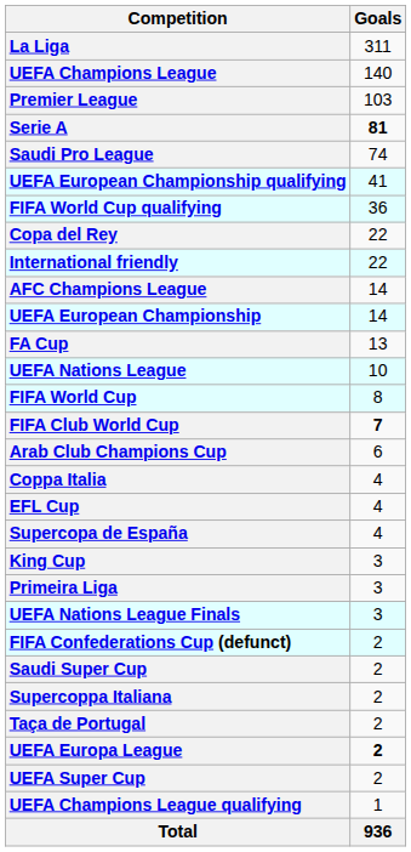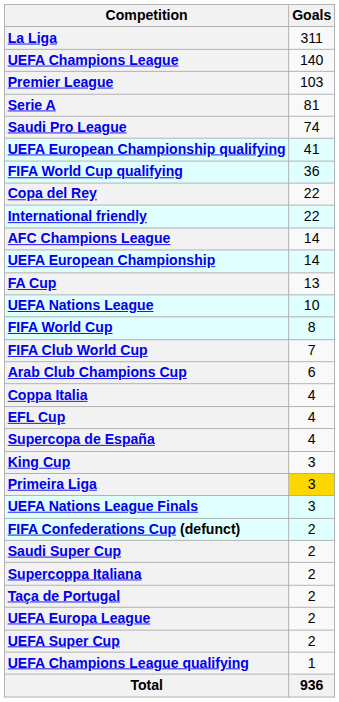 <table class="wikitable plainrowheaders sortable" style="text-align:center">
 <tr>
 <th>Competition</th>
 <th>Goals</th>
 </tr>
 <tr>
 <th scope="row" style="text-align:left"><a href='#'>La Liga</a></th>
 <td>311</td>
 </tr>
 <tr>
 <th scope="row" style="text-align:left"><a href='#'>UEFA Champions League</a></th>
 <td>140</td>
 </tr>
 <tr>
 <th scope="row" style="text-align:left"><a href='#'>Premier League</a></th>
 <td>103</td>
 </tr>
 <tr>
 <th scope="row" style="text-align:left"><a href='#'>Serie A</a></th>
-<td><strong>81</strong></td>
+<td>81</td>
 </tr>
 <tr>
 <th scope="row" style="text-align:left"><a href='#'>Saudi Pro League</a></th>
 <td>74</td>
 </tr>
 <tr>
 <th scope="row" style="background:#E0FFFF; text-align:left"><a href='#'>UEFA European Championship qualifying</a></th>
 <td style="background:#E0FFFF">41</td>
 </tr>
 <tr>
 <th scope="row" style="background:#E0FFFF; text-align:left"><a href='#'>FIFA World Cup qualifying</a></th>
 <td style="background:#E0FFFF">36</td>
 </tr>
 <tr>
 <th scope="row" style="text-align:left"><a href='#'>Copa del Rey</a></th>
 <td>22</td>
 </tr>
 <tr>
 <th scope="row" style="background:#E0FFFF; text-align:left"><a href='#'>International friendly</a></th>
 <td style="background:#E0FFFF">22</td>
 </tr>
 <tr>
 <th scope="row" style="text-align:left"><a href='#'>AFC Champions League</a></th>
 <td>14</td>
 </tr>
 <tr>
 <th scope="row" style="background:#E0FFFF; text-align:left"><a href='#'>UEFA European Championship</a></th>
 <td style="background:#E0FFFF">14</td>
 </tr>
 <tr>
 <th scope="row" style="text-align:left"><a href='#'>FA Cup</a></th>
 <td>13</td>
 </tr>
 <tr>
 <th scope="row" style="background:#E0FFFF; text-align:left"><a href='#'>UEFA Nations League</a></th>
 <td style="background:#E0FFFF">10</td>
 </tr>
 <tr>
 <th scope="row" style="background:#E0FFFF; text-align:left"><a href='#'>FIFA World Cup</a></th>
 <td style="background:#E0FFFF">8</td>
 </tr>
 <tr>
 <th scope="row" style="text-align:left"><a href='#'>FIFA Club World Cup</a></th>
-<td><strong>7</strong></td>
+<td>7</td>
 </tr>
 <tr>
 <th scope="row" style="text-align:left"><a href='#'>Arab Club Champions Cup</a></th>
 <td>6</td>
 </tr>
 <tr>
 <th scope="row" style="text-align:left"><a href='#'>Coppa Italia</a></th>
 <td>4</td>
 </tr>
 <tr>
 <th scope="row" style="text-align:left"><a href='#'>EFL Cup</a></th>
 <td>4</td>
 </tr>
 <tr>
 <th scope="row" style="text-align:left"><a href='#'>Supercopa de España</a></th>
 <td>4</td>
 </tr>
 <tr>
 <th scope="row" style="text-align:left"><a href='#'>King Cup</a></th>
 <td>3</td>
 </tr>
 <tr>
 <th scope="row" style="text-align:left"><a href='#'>Primeira Liga</a></th>
-<td>3</td>
+<td style="background: gold;">3</td>
 </tr>
 <tr>
 <th scope="row" style="background:#E0FFFF; text-align:left"><a href='#'>UEFA Nations League Finals</a></th>
 <td style="background:#E0FFFF">3</td>
 </tr>
 <tr>
 <th scope="row" style="background:#E0FFFF; text-align:left"><a href='#'>FIFA Confederations Cup</a> (defunct)</th>
 <td style="background:#E0FFFF">2</td>
 </tr>
 <tr>
 <th scope="row" style="text-align:left"><a href='#'>Saudi Super Cup</a></th>
 <td>2</td>
 </tr>
 <tr>
 <th scope="row" style="text-align:left"><a href='#'>Supercoppa Italiana</a></th>
 <td>2</td>
 </tr>
 <tr>
 <th scope="row" style="text-align:left"><a href='#'>Taça de Portugal</a></th>
 <td>2</td>
 </tr>
 <tr>
 <th scope="row" style="text-align:left"><a href='#'>UEFA Europa League</a></th>
-<td><strong>2</strong></td>
+<td>2</td>
 </tr>
 <tr>
 <th scope="row" style="text-align:left"><a href='#'>UEFA Super Cup</a></th>
 <td>2</td>
 </tr>
 <tr>
 <th scope="row" style="text-align:left"><a href='#'>UEFA Champions League qualifying</a></th>
 <td>1</td>
 </tr>
 <tr>
 <th>Total</th>
 <th>936</th>
 </tr>
 </table>
